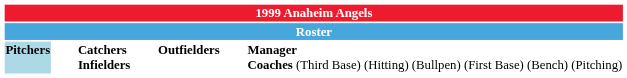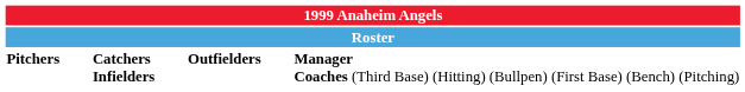 <table class="toccolours" style="font-size: 95%;">
 <tr>
 <th colspan="10" style="background-color: #ED1B2E; color: white; text-align: center;">1999 Anaheim Angels</th>
 </tr>
 <tr>
 <td colspan="10" style="background-color:#47A6DC; color: white; text-align: center;"><strong>Roster</strong></td>
 </tr>
 <tr>
-<td valign="top" style="background: lightblue;"><strong>Pitchers</strong><br>                   </td>
+<td valign="top"><strong>Pitchers</strong><br>                   </td>
 <td width="25px"></td>
 <td valign="top"><strong>Catchers</strong><br>     <strong>Infielders</strong>         </td>
 <td width="25px"></td>
 <td valign="top"><strong>Outfielders</strong><br>         </td>
 <td width="25px"></td>
 <td valign="top"><strong>Manager</strong><br>  <strong>Coaches</strong>  (Third Base)  (Hitting)  (Bullpen)  (First Base)  (Bench)  (Pitching)</td>
 </tr>
 </table>
